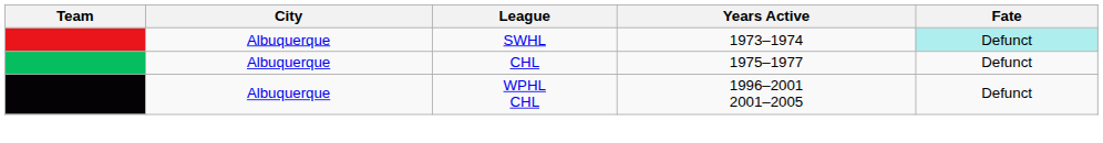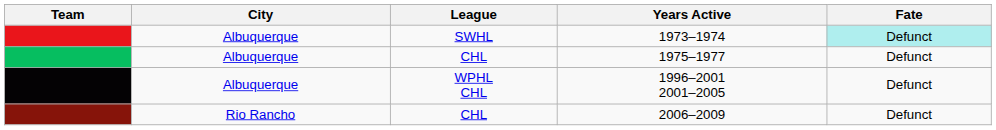 <table class="wikitable sortable" width="60%">
 <tr>
 <th>Team</th>
 <th>City</th>
 <th>League</th>
 <th>Years Active</th>
 <th>Fate</th>
 </tr>
 <tr align=center>
 <td style="color:white; background:#ea151b; "><strong><a href='#'></a></strong></td>
 <td><a href='#'>Albuquerque</a></td>
 <td><a href='#'>SWHL</a></td>
 <td>1973–1974</td>
 <td style="background: paleturquoise;">Defunct</td>
 </tr>
 <tr align=center>
 <td style="color:white; background:#06be60; "><strong><a href='#'></a></strong></td>
 <td><a href='#'>Albuquerque</a></td>
 <td><a href='#'>CHL</a></td>
 <td>1975–1977</td>
 <td>Defunct</td>
 </tr>
 <tr align=center>
 <td style="color:white; background:#040204; "><strong><a href='#'></a></strong></td>
 <td><a href='#'>Albuquerque</a></td>
 <td><a href='#'>WPHL</a><br><a href='#'>CHL</a></td>
 <td>1996–2001<br>2001–2005</td>
 <td>Defunct</td>
 </tr>
+<tr align=center>
+<td style="color:white; background:#86140a; "><strong><a href='#'></a></strong></td>
+<td><a href='#'>Rio Rancho</a></td>
+<td><a href='#'>CHL</a></td>
+<td>2006–2009</td>
+<td>Defunct</td>
+</tr>
 </table>
